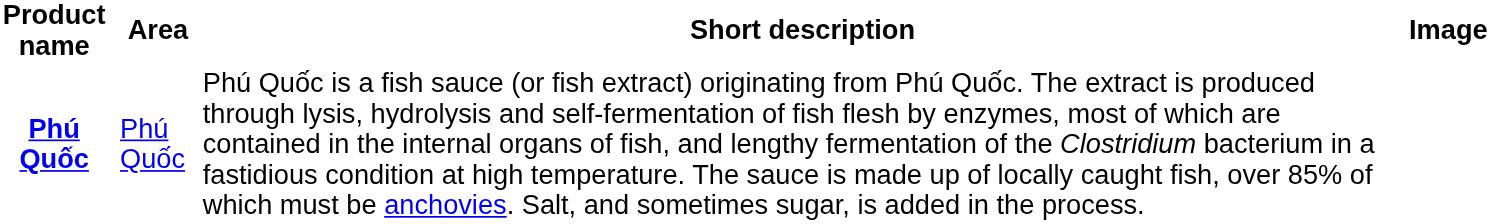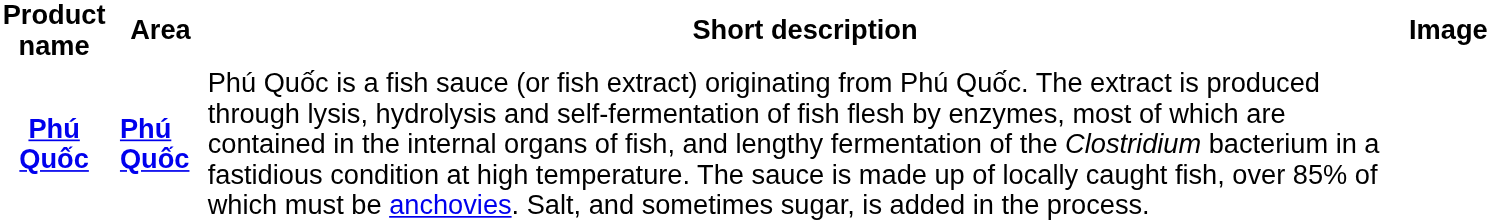 <table>
 <tr>
 <th>Product name</th>
 <th>Area</th>
 <th>Short description</th>
 <th>Image</th>
 </tr>
 <tr>
 <th><a href='#'>Phú Quốc</a></th>
-<td><a href='#'>Phú Quốc</a></td>
+<td><strong><a href='#'>Phú Quốc</a></strong></td>
 <td>Phú Quốc is a fish sauce (or fish extract) originating from Phú Quốc. The extract is produced through lysis, hydrolysis and self-fermentation of fish flesh by enzymes, most of which are contained in the internal organs of fish, and lengthy fermentation of the <em>Clostridium</em> bacterium in a fastidious condition at high temperature. The sauce is made up of locally caught fish, over 85% of which must be <a href='#'>anchovies</a>. Salt, and sometimes sugar, is added in the process.</td>
 <td></td>
 </tr>
 <tr>
 </tr>
 </table>
